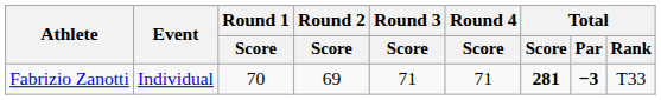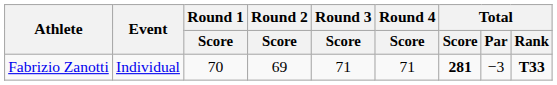 <table class=wikitable style=font-size:90%;text-align:center>
 <tr>
 <th rowspan=2>Athlete</th>
 <th rowspan=2>Event</th>
 <th>Round 1</th>
 <th>Round 2</th>
 <th>Round 3</th>
 <th>Round 4</th>
 <th colspan=3>Total</th>
 </tr>
 <tr style=font-size:95%>
 <th>Score</th>
 <th>Score</th>
 <th>Score</th>
 <th>Score</th>
 <th>Score</th>
 <th>Par</th>
 <th>Rank</th>
 </tr>
 <tr>
 <td align=left><a href='#'>Fabrizio Zanotti</a></td>
 <td align=left><a href='#'>Individual</a></td>
 <td>70</td>
 <td>69</td>
 <td>71</td>
 <td>71</td>
 <td><strong>281</strong></td>
-<td><strong>−3</strong></td>
-<td>T33</td>
+<td>−3</td>
+<td><strong>T33</strong></td>
 </tr>
 </table>
